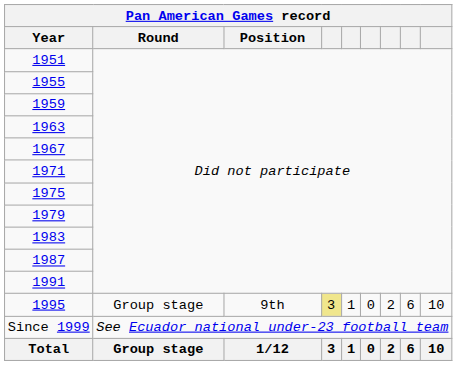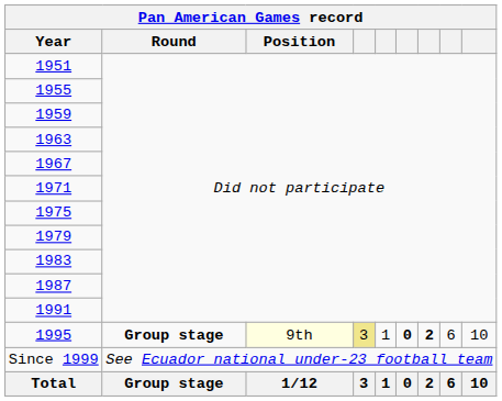 <table class="wikitable" style="text-align: center;">
 <tr>
 <th colspan=9><a href='#'>Pan American Games</a> record</th>
 </tr>
 <tr>
 <th>Year</th>
 <th>Round</th>
 <th>Position</th>
 <th></th>
 <th></th>
 <th></th>
 <th></th>
 <th></th>
 <th></th>
 </tr>
 <tr>
 <td> <a href='#'>1951</a></td>
 <td colspan=9 rowspan=11><em>Did not participate</em></td>
 </tr>
 <tr>
 <td> <a href='#'>1955</a></td>
 </tr>
 <tr>
 <td> <a href='#'>1959</a></td>
 </tr>
 <tr>
 <td> <a href='#'>1963</a></td>
 </tr>
 <tr>
 <td> <a href='#'>1967</a></td>
 </tr>
 <tr>
 <td> <a href='#'>1971</a></td>
 </tr>
 <tr>
 <td> <a href='#'>1975</a></td>
 </tr>
 <tr>
 <td> <a href='#'>1979</a></td>
 </tr>
 <tr>
 <td> <a href='#'>1983</a></td>
 </tr>
 <tr>
 <td> <a href='#'>1987</a></td>
 </tr>
 <tr>
 <td> <a href='#'>1991</a></td>
 </tr>
 <tr>
 <td> <a href='#'>1995</a></td>
-<td>Group stage</td>
-<td>9th</td>
+<td><strong>Group stage</strong></td>
+<td style="background: lightyellow;">9th</td>
 <td style="background: khaki;">3</td>
 <td>1</td>
-<td>0</td>
-<td>2</td>
+<td><strong>0</strong></td>
+<td><strong>2</strong></td>
 <td>6</td>
 <td>10</td>
 </tr>
 <tr>
 <td>Since <a href='#'>1999</a></td>
 <td colspan=8><em>See <a href='#'>Ecuador national under-23 football team</a></em></td>
 </tr>
 <tr>
 <th>Total</th>
 <th>Group stage</th>
 <th>1/12</th>
 <th>3</th>
 <th>1</th>
 <th>0</th>
 <th>2</th>
 <th>6</th>
 <th>10</th>
 </tr>
 </table>
